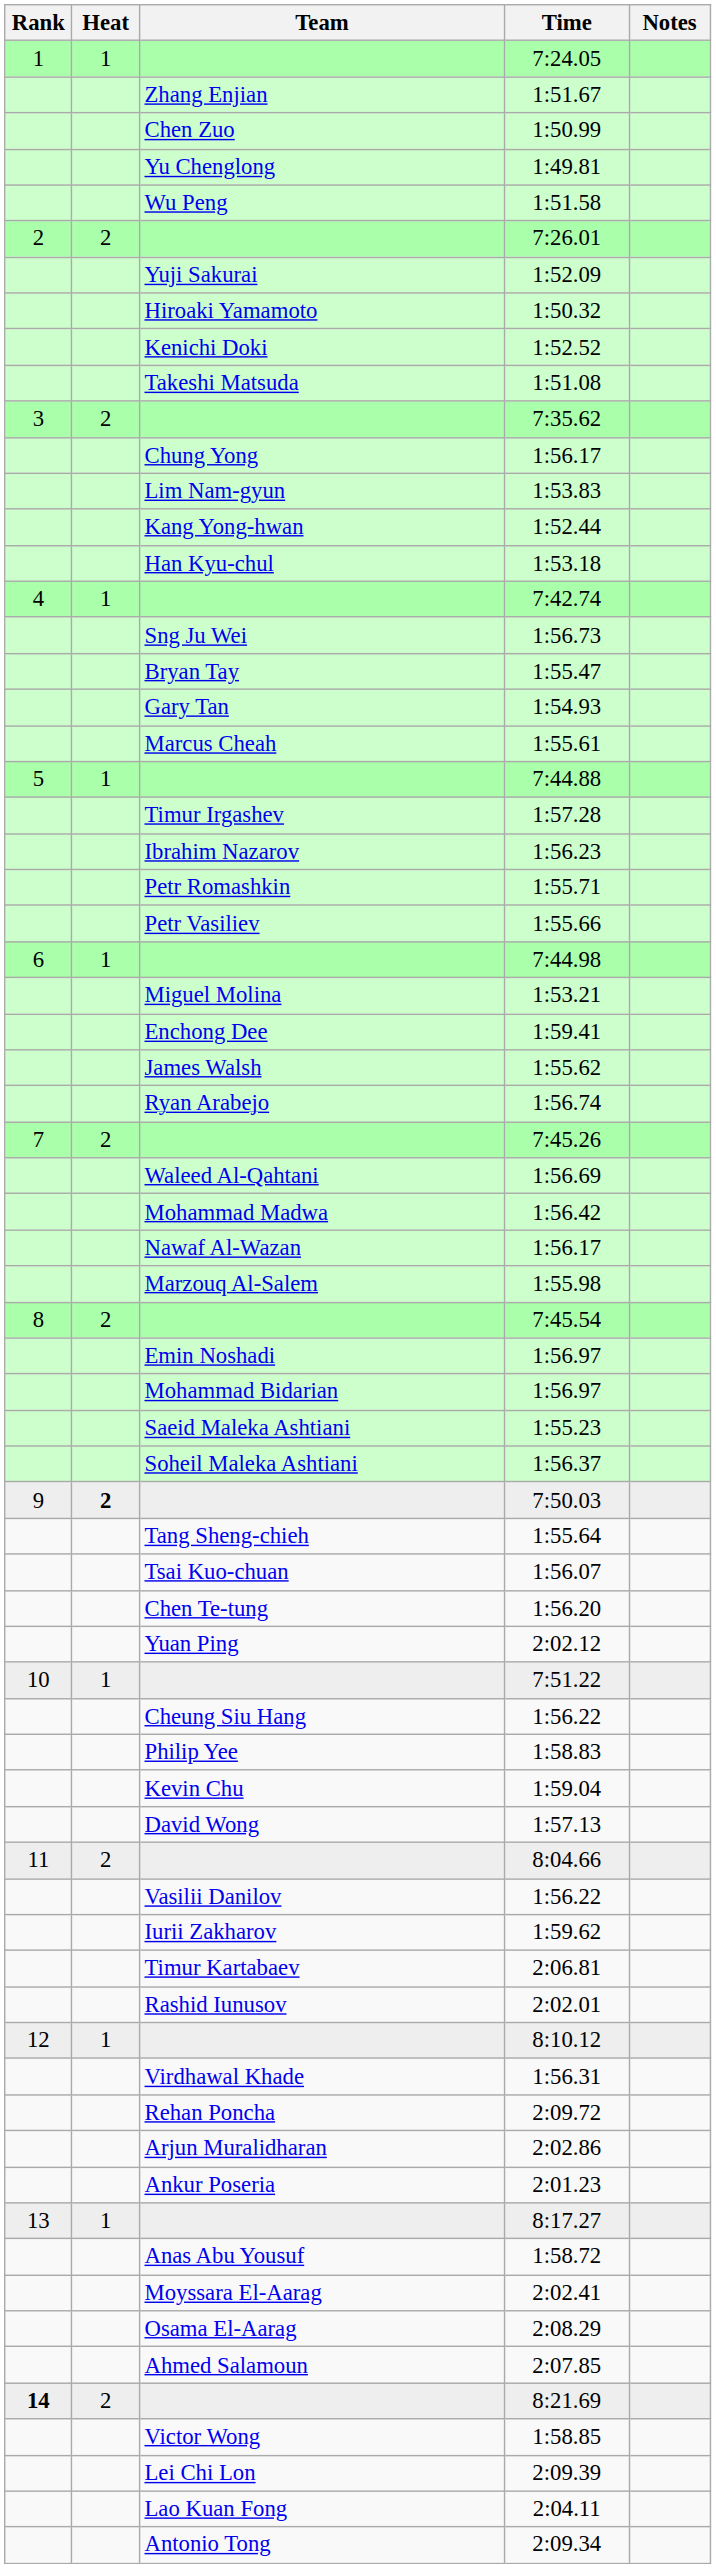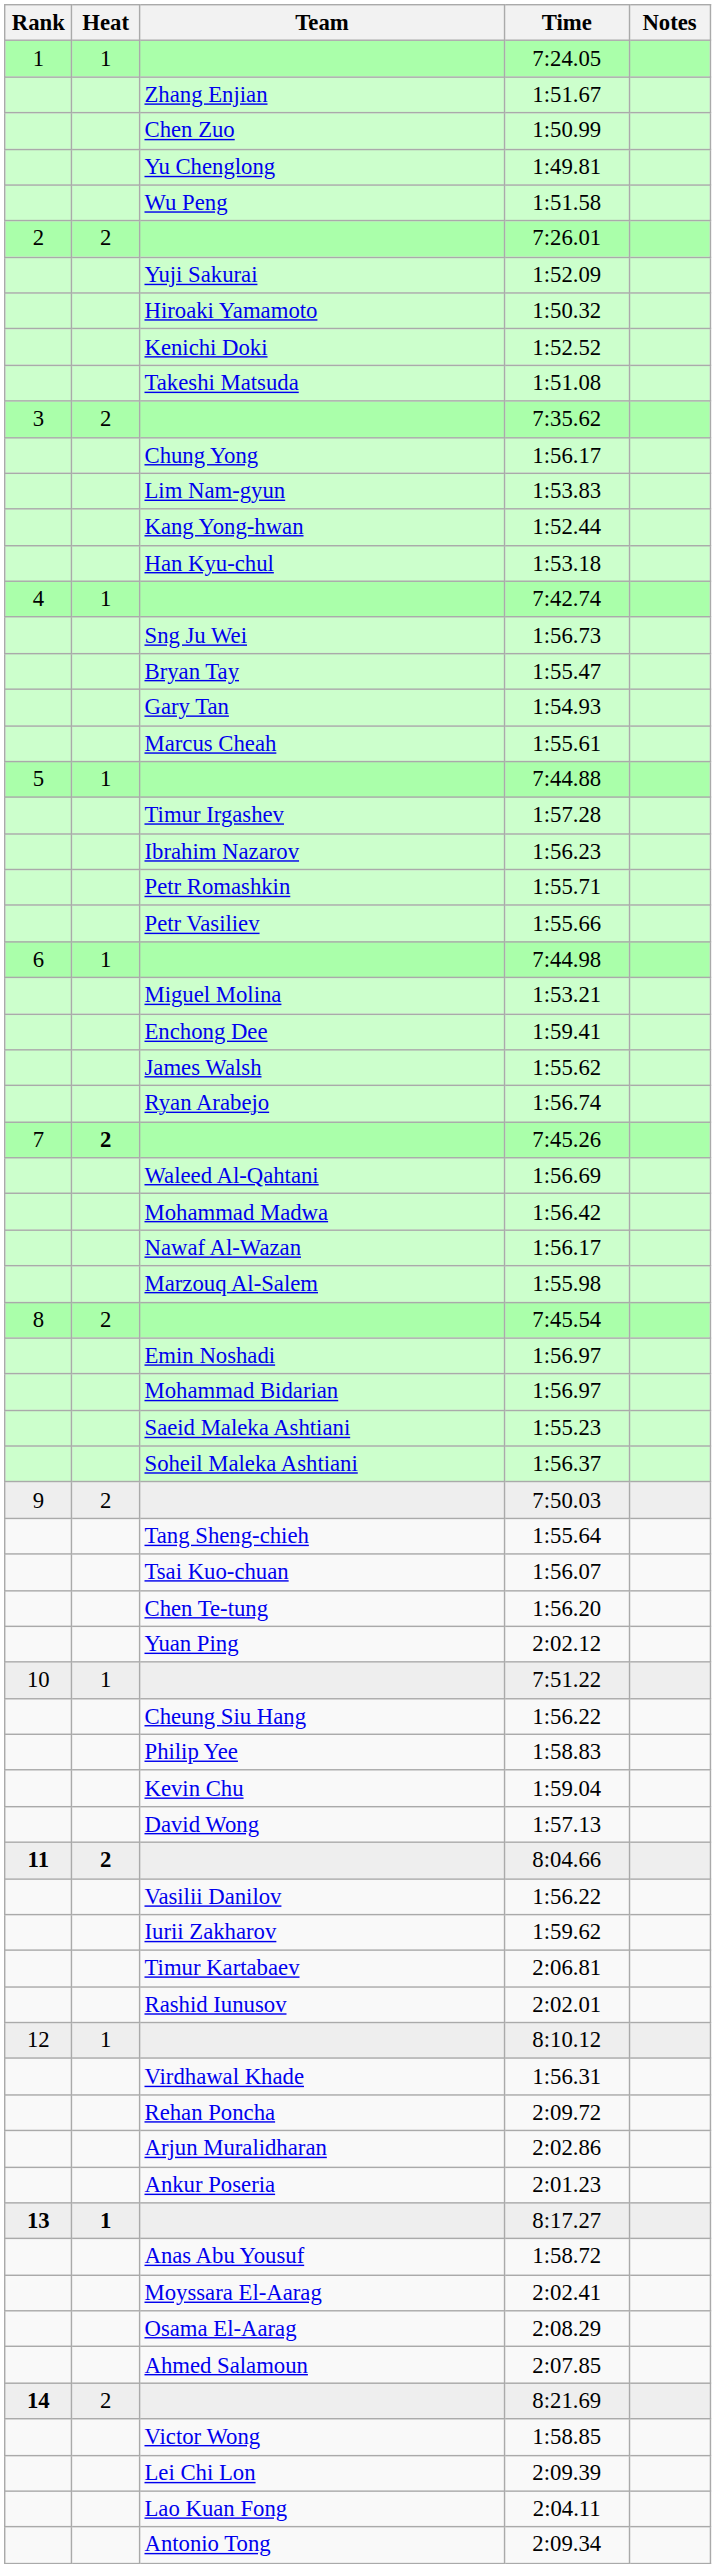 <table class="wikitable" style="text-align:center">
 <tr>
 <th width=40>Rank</th>
 <th width=40>Heat</th>
 <th width=250>Team</th>
 <th width=80>Time</th>
 <th width=50>Notes</th>
 </tr>
 <tr bgcolor="aaffaa">
 <td>1</td>
 <td>1</td>
 <td align=left></td>
 <td>7:24.05</td>
 <td></td>
 </tr>
 <tr bgcolor="ccffcc">
 <td></td>
 <td></td>
 <td align=left><a href='#'>Zhang Enjian</a></td>
 <td>1:51.67</td>
 <td></td>
 </tr>
 <tr bgcolor="ccffcc">
 <td></td>
 <td></td>
 <td align=left><a href='#'>Chen Zuo</a></td>
 <td>1:50.99</td>
 <td></td>
 </tr>
 <tr bgcolor="ccffcc">
 <td></td>
 <td></td>
 <td align=left><a href='#'>Yu Chenglong</a></td>
 <td>1:49.81</td>
 <td></td>
 </tr>
 <tr bgcolor="ccffcc">
 <td></td>
 <td></td>
 <td align=left><a href='#'>Wu Peng</a></td>
 <td>1:51.58</td>
 <td></td>
 </tr>
 <tr bgcolor="aaffaa">
 <td>2</td>
 <td>2</td>
 <td align=left></td>
 <td>7:26.01</td>
 <td></td>
 </tr>
 <tr bgcolor="ccffcc">
 <td></td>
 <td></td>
 <td align=left><a href='#'>Yuji Sakurai</a></td>
 <td>1:52.09</td>
 <td></td>
 </tr>
 <tr bgcolor="ccffcc">
 <td></td>
 <td></td>
 <td align=left><a href='#'>Hiroaki Yamamoto</a></td>
 <td>1:50.32</td>
 <td></td>
 </tr>
 <tr bgcolor="ccffcc">
 <td></td>
 <td></td>
 <td align=left><a href='#'>Kenichi Doki</a></td>
 <td>1:52.52</td>
 <td></td>
 </tr>
 <tr bgcolor="ccffcc">
 <td></td>
 <td></td>
 <td align=left><a href='#'>Takeshi Matsuda</a></td>
 <td>1:51.08</td>
 <td></td>
 </tr>
 <tr bgcolor="aaffaa">
 <td>3</td>
 <td>2</td>
 <td align=left></td>
 <td>7:35.62</td>
 <td></td>
 </tr>
 <tr bgcolor="ccffcc">
 <td></td>
 <td></td>
 <td align=left><a href='#'>Chung Yong</a></td>
 <td>1:56.17</td>
 <td></td>
 </tr>
 <tr bgcolor="ccffcc">
 <td></td>
 <td></td>
 <td align=left><a href='#'>Lim Nam-gyun</a></td>
 <td>1:53.83</td>
 <td></td>
 </tr>
 <tr bgcolor="ccffcc">
 <td></td>
 <td></td>
 <td align=left><a href='#'>Kang Yong-hwan</a></td>
 <td>1:52.44</td>
 <td></td>
 </tr>
 <tr bgcolor="ccffcc">
 <td></td>
 <td></td>
 <td align=left><a href='#'>Han Kyu-chul</a></td>
 <td>1:53.18</td>
 <td></td>
 </tr>
 <tr bgcolor="aaffaa">
 <td>4</td>
 <td>1</td>
 <td align=left></td>
 <td>7:42.74</td>
 <td></td>
 </tr>
 <tr bgcolor="ccffcc">
 <td></td>
 <td></td>
 <td align=left><a href='#'>Sng Ju Wei</a></td>
 <td>1:56.73</td>
 <td></td>
 </tr>
 <tr bgcolor="ccffcc">
 <td></td>
 <td></td>
 <td align=left><a href='#'>Bryan Tay</a></td>
 <td>1:55.47</td>
 <td></td>
 </tr>
 <tr bgcolor="ccffcc">
 <td></td>
 <td></td>
 <td align=left><a href='#'>Gary Tan</a></td>
 <td>1:54.93</td>
 <td></td>
 </tr>
 <tr bgcolor="ccffcc">
 <td></td>
 <td></td>
 <td align=left><a href='#'>Marcus Cheah</a></td>
 <td>1:55.61</td>
 <td></td>
 </tr>
 <tr bgcolor="aaffaa">
 <td>5</td>
 <td>1</td>
 <td align=left></td>
 <td>7:44.88</td>
 <td></td>
 </tr>
 <tr bgcolor="ccffcc">
 <td></td>
 <td></td>
 <td align=left><a href='#'>Timur Irgashev</a></td>
 <td>1:57.28</td>
 <td></td>
 </tr>
 <tr bgcolor="ccffcc">
 <td></td>
 <td></td>
 <td align=left><a href='#'>Ibrahim Nazarov</a></td>
 <td>1:56.23</td>
 <td></td>
 </tr>
 <tr bgcolor="ccffcc">
 <td></td>
 <td></td>
 <td align=left><a href='#'>Petr Romashkin</a></td>
 <td>1:55.71</td>
 <td></td>
 </tr>
 <tr bgcolor="ccffcc">
 <td></td>
 <td></td>
 <td align=left><a href='#'>Petr Vasiliev</a></td>
 <td>1:55.66</td>
 <td></td>
 </tr>
 <tr bgcolor="aaffaa">
 <td>6</td>
 <td>1</td>
 <td align=left></td>
 <td>7:44.98</td>
 <td></td>
 </tr>
 <tr bgcolor="ccffcc">
 <td></td>
 <td></td>
 <td align=left><a href='#'>Miguel Molina</a></td>
 <td>1:53.21</td>
 <td></td>
 </tr>
 <tr bgcolor="ccffcc">
 <td></td>
 <td></td>
 <td align=left><a href='#'>Enchong Dee</a></td>
 <td>1:59.41</td>
 <td></td>
 </tr>
 <tr bgcolor="ccffcc">
 <td></td>
 <td></td>
 <td align=left><a href='#'>James Walsh</a></td>
 <td>1:55.62</td>
 <td></td>
 </tr>
 <tr bgcolor="ccffcc">
 <td></td>
 <td></td>
 <td align=left><a href='#'>Ryan Arabejo</a></td>
 <td>1:56.74</td>
 <td></td>
 </tr>
 <tr bgcolor="aaffaa">
 <td>7</td>
-<td>2</td>
+<td><strong>2</strong></td>
 <td align=left></td>
 <td>7:45.26</td>
 <td></td>
 </tr>
 <tr bgcolor="ccffcc">
 <td></td>
 <td></td>
 <td align=left><a href='#'>Waleed Al-Qahtani</a></td>
 <td>1:56.69</td>
 <td></td>
 </tr>
 <tr bgcolor="ccffcc">
 <td></td>
 <td></td>
 <td align=left><a href='#'>Mohammad Madwa</a></td>
 <td>1:56.42</td>
 <td></td>
 </tr>
 <tr bgcolor="ccffcc">
 <td></td>
 <td></td>
 <td align=left><a href='#'>Nawaf Al-Wazan</a></td>
 <td>1:56.17</td>
 <td></td>
 </tr>
 <tr bgcolor="ccffcc">
 <td></td>
 <td></td>
 <td align=left><a href='#'>Marzouq Al-Salem</a></td>
 <td>1:55.98</td>
 <td></td>
 </tr>
 <tr bgcolor="aaffaa">
 <td>8</td>
 <td>2</td>
 <td align=left></td>
 <td>7:45.54</td>
 <td></td>
 </tr>
 <tr bgcolor="ccffcc">
 <td></td>
 <td></td>
 <td align=left><a href='#'>Emin Noshadi</a></td>
 <td>1:56.97</td>
 <td></td>
 </tr>
 <tr bgcolor="ccffcc">
 <td></td>
 <td></td>
 <td align=left><a href='#'>Mohammad Bidarian</a></td>
 <td>1:56.97</td>
 <td></td>
 </tr>
 <tr bgcolor="ccffcc">
 <td></td>
 <td></td>
 <td align=left><a href='#'>Saeid Maleka Ashtiani</a></td>
 <td>1:55.23</td>
 <td></td>
 </tr>
 <tr bgcolor="ccffcc">
 <td></td>
 <td></td>
 <td align=left><a href='#'>Soheil Maleka Ashtiani</a></td>
 <td>1:56.37</td>
 <td></td>
 </tr>
 <tr bgcolor=eeeeee>
 <td>9</td>
-<td><strong>2</strong></td>
+<td>2</td>
 <td align=left></td>
 <td>7:50.03</td>
 <td></td>
 </tr>
 <tr>
 <td></td>
 <td></td>
 <td align=left><a href='#'>Tang Sheng-chieh</a></td>
 <td>1:55.64</td>
 <td></td>
 </tr>
 <tr>
 <td></td>
 <td></td>
 <td align=left><a href='#'>Tsai Kuo-chuan</a></td>
 <td>1:56.07</td>
 <td></td>
 </tr>
 <tr>
 <td></td>
 <td></td>
 <td align=left><a href='#'>Chen Te-tung</a></td>
 <td>1:56.20</td>
 <td></td>
 </tr>
 <tr>
 <td></td>
 <td></td>
 <td align=left><a href='#'>Yuan Ping</a></td>
 <td>2:02.12</td>
 <td></td>
 </tr>
 <tr bgcolor=eeeeee>
 <td>10</td>
 <td>1</td>
 <td align=left></td>
 <td>7:51.22</td>
 <td></td>
 </tr>
 <tr>
 <td></td>
 <td></td>
 <td align=left><a href='#'>Cheung Siu Hang</a></td>
 <td>1:56.22</td>
 <td></td>
 </tr>
 <tr>
 <td></td>
 <td></td>
 <td align=left><a href='#'>Philip Yee</a></td>
 <td>1:58.83</td>
 <td></td>
 </tr>
 <tr>
 <td></td>
 <td></td>
 <td align=left><a href='#'>Kevin Chu</a></td>
 <td>1:59.04</td>
 <td></td>
 </tr>
 <tr>
 <td></td>
 <td></td>
 <td align=left><a href='#'>David Wong</a></td>
 <td>1:57.13</td>
 <td></td>
 </tr>
 <tr bgcolor=eeeeee>
-<td>11</td>
-<td>2</td>
+<td><strong>11</strong></td>
+<td><strong>2</strong></td>
 <td align=left></td>
 <td>8:04.66</td>
 <td></td>
 </tr>
 <tr>
 <td></td>
 <td></td>
 <td align=left><a href='#'>Vasilii Danilov</a></td>
 <td>1:56.22</td>
 <td></td>
 </tr>
 <tr>
 <td></td>
 <td></td>
 <td align=left><a href='#'>Iurii Zakharov</a></td>
 <td>1:59.62</td>
 <td></td>
 </tr>
 <tr>
 <td></td>
 <td></td>
 <td align=left><a href='#'>Timur Kartabaev</a></td>
 <td>2:06.81</td>
 <td></td>
 </tr>
 <tr>
 <td></td>
 <td></td>
 <td align=left><a href='#'>Rashid Iunusov</a></td>
 <td>2:02.01</td>
 <td></td>
 </tr>
 <tr bgcolor=eeeeee>
 <td>12</td>
 <td>1</td>
 <td align=left></td>
 <td>8:10.12</td>
 <td></td>
 </tr>
 <tr>
 <td></td>
 <td></td>
 <td align=left><a href='#'>Virdhawal Khade</a></td>
 <td>1:56.31</td>
 <td></td>
 </tr>
 <tr>
 <td></td>
 <td></td>
 <td align=left><a href='#'>Rehan Poncha</a></td>
 <td>2:09.72</td>
 <td></td>
 </tr>
 <tr>
 <td></td>
 <td></td>
 <td align=left><a href='#'>Arjun Muralidharan</a></td>
 <td>2:02.86</td>
 <td></td>
 </tr>
 <tr>
 <td></td>
 <td></td>
 <td align=left><a href='#'>Ankur Poseria</a></td>
 <td>2:01.23</td>
 <td></td>
 </tr>
 <tr bgcolor=eeeeee>
-<td>13</td>
-<td>1</td>
+<td><strong>13</strong></td>
+<td><strong>1</strong></td>
 <td align=left></td>
 <td>8:17.27</td>
 <td></td>
 </tr>
 <tr>
 <td></td>
 <td></td>
 <td align=left><a href='#'>Anas Abu Yousuf</a></td>
 <td>1:58.72</td>
 <td></td>
 </tr>
 <tr>
 <td></td>
 <td></td>
 <td align=left><a href='#'>Moyssara El-Aarag</a></td>
 <td>2:02.41</td>
 <td></td>
 </tr>
 <tr>
 <td></td>
 <td></td>
 <td align=left><a href='#'>Osama El-Aarag</a></td>
 <td>2:08.29</td>
 <td></td>
 </tr>
 <tr>
 <td></td>
 <td></td>
 <td align=left><a href='#'>Ahmed Salamoun</a></td>
 <td>2:07.85</td>
 <td></td>
 </tr>
 <tr bgcolor=eeeeee>
 <td><strong>14</strong></td>
 <td>2</td>
 <td align=left></td>
 <td>8:21.69</td>
 <td></td>
 </tr>
 <tr>
 <td></td>
 <td></td>
 <td align=left><a href='#'>Victor Wong</a></td>
 <td>1:58.85</td>
 <td></td>
 </tr>
 <tr>
 <td></td>
 <td></td>
 <td align=left><a href='#'>Lei Chi Lon</a></td>
 <td>2:09.39</td>
 <td></td>
 </tr>
 <tr>
 <td></td>
 <td></td>
 <td align=left><a href='#'>Lao Kuan Fong</a></td>
 <td>2:04.11</td>
 <td></td>
 </tr>
 <tr>
 <td></td>
 <td></td>
 <td align=left><a href='#'>Antonio Tong</a></td>
 <td>2:09.34</td>
 <td></td>
 </tr>
 </table>
